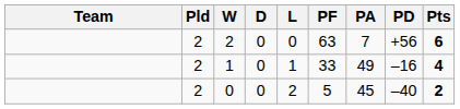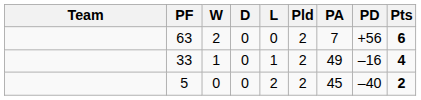 <table class="wikitable" style="text-align:center;">
 <tr>
 <th width=175>Team</th>
-<th width=25 abbr="Played">Pld</th>
+<th width=32 abbr="Points for">PF</th>
 <th width=25 abbr="Won">W</th>
 <th width=25 abbr="Drawn">D</th>
 <th width=25 abbr="Lost">L</th>
-<th width=32 abbr="Points for">PF</th>
+<th width=25 abbr="Played">Pld</th>
 <th width=32 abbr="Points against">PA</th>
 <th width=32 abbr="Points difference">PD</th>
 <th width=25 abbr="Points">Pts</th>
 </tr>
 <tr>
 <td align=left></td>
-<td>2</td>
+<td>63</td>
 <td>2</td>
 <td>0</td>
 <td>0</td>
-<td>63</td>
+<td>2</td>
 <td>7</td>
 <td>+56</td>
 <td><strong>6</strong></td>
 </tr>
 <tr>
 <td align=left></td>
-<td>2</td>
+<td>33</td>
 <td>1</td>
 <td>0</td>
 <td>1</td>
-<td>33</td>
+<td>2</td>
 <td>49</td>
 <td>–16</td>
 <td><strong>4</strong></td>
 </tr>
 <tr>
 <td align=left></td>
-<td>2</td>
+<td>5</td>
 <td>0</td>
 <td>0</td>
 <td>2</td>
-<td>5</td>
+<td>2</td>
 <td>45</td>
 <td>–40</td>
 <td><strong>2</strong></td>
 </tr>
 </table>
